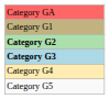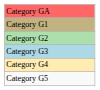 <table class="wikitable" style="font-size:85%;" width=12%>
 <tr bgcolor=#FF6666>
 <td>Category GA</td>
 </tr>
 <tr bgcolor=#C2B280>
 <td>Category G1</td>
 </tr>
 <tr bgcolor="#ADDFAD">
-<td><strong>Category G2</strong></td>
+<td>Category G2</td>
 </tr>
 <tr bgcolor="lightblue">
-<td><strong>Category G3</strong></td>
+<td>Category G3</td>
 </tr>
 <tr bgcolor=#ffecb2>
 <td>Category G4</td>
 </tr>
 <tr>
 <td>Category G5</td>
 </tr>
 </table>
